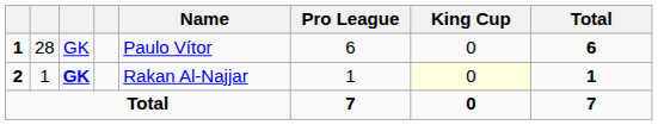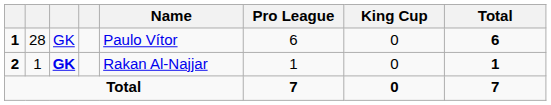 <table class="wikitable" style="text-align:center">
 <tr>
 <th width=15></th>
 <th width=15></th>
 <th width=15></th>
 <th width=15></th>
 <th width=145>Name</th>
 <th width=100>Pro League</th>
 <th width=100>King Cup</th>
 <th width=100>Total</th>
 </tr>
 <tr>
 <td><strong>1</strong></td>
 <td>28</td>
 <td><a href='#'>GK</a></td>
 <td></td>
 <td align=left><a href='#'>Paulo Vítor</a></td>
 <td>6</td>
 <td>0</td>
 <td><strong>6</strong></td>
 </tr>
 <tr>
 <td><strong>2</strong></td>
 <td>1</td>
 <td><strong><a href='#'>GK</a></strong></td>
 <td></td>
 <td align=left><a href='#'>Rakan Al-Najjar</a></td>
 <td>1</td>
-<td style="background: lightyellow;">0</td>
+<td>0</td>
 <td><strong>1</strong></td>
 </tr>
 <tr>
 <td colspan=5><strong>Total</strong></td>
 <td><strong>7</strong></td>
 <td><strong>0</strong></td>
 <td><strong>7</strong></td>
 </tr>
 </table>
